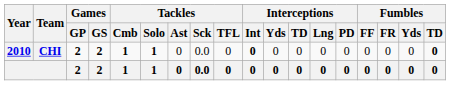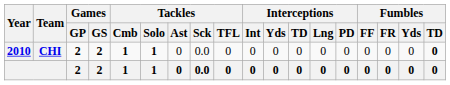 <table class="wikitable" style="text-align:center">
 <tr>
 <th rowspan="2">Year</th>
 <th rowspan="2">Team</th>
 <th colspan="2">Games</th>
 <th colspan="5">Tackles</th>
 <th colspan="5">Interceptions</th>
 <th colspan="4">Fumbles</th>
 </tr>
 <tr>
 <th>GP</th>
 <th>GS</th>
 <th>Cmb</th>
 <th>Solo</th>
 <th>Ast</th>
 <th>Sck</th>
 <th>TFL</th>
 <th>Int</th>
 <th>Yds</th>
 <th>TD</th>
 <th>Lng</th>
 <th>PD</th>
 <th>FF</th>
 <th>FR</th>
 <th>Yds</th>
 <th>TD</th>
 </tr>
 <tr>
 <th><a href='#'>2010</a></th>
 <th><a href='#'>CHI</a></th>
 <td><strong>2</strong></td>
 <td><strong>2</strong></td>
 <td><strong>1</strong></td>
 <td><strong>1</strong></td>
 <td>0</td>
 <td>0.0</td>
 <td>0</td>
-<td><strong>0</strong></td>
+<td>0</td>
 <td>0</td>
 <td>0</td>
 <td>0</td>
 <td>0</td>
 <td>0</td>
 <td>0</td>
 <td>0</td>
 <td><strong>0</strong></td>
 </tr>
 <tr>
 <th colspan="2"></th>
 <th>2</th>
 <th>2</th>
 <th>1</th>
 <th>1</th>
 <th>0</th>
 <th>0.0</th>
 <th>0</th>
 <th>0</th>
 <th>0</th>
 <th>0</th>
 <th>0</th>
 <th>0</th>
 <th>0</th>
 <th>0</th>
 <th>0</th>
 <th>0</th>
 </tr>
 </table>
